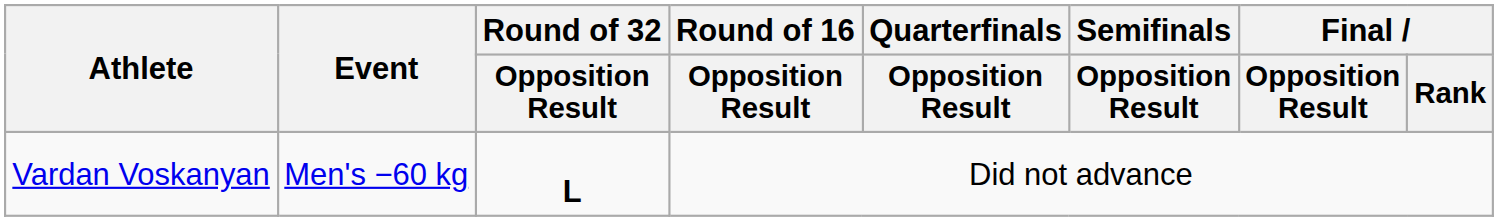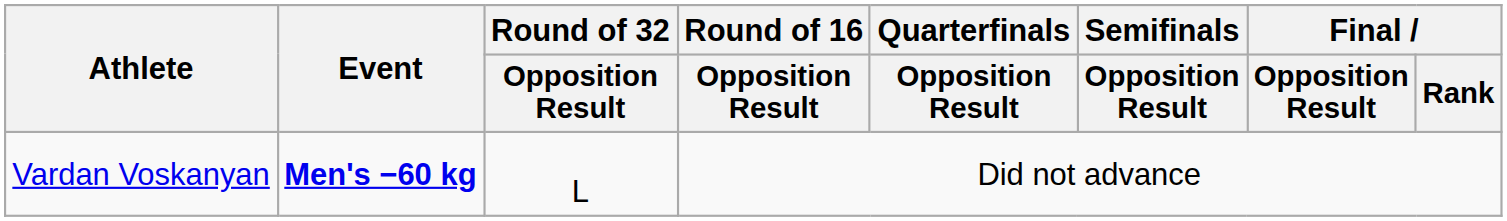 <table class="wikitable" style="font-size:90%">
 <tr>
 <th rowspan="2">Athlete</th>
 <th rowspan="2">Event</th>
 <th>Round of 32</th>
 <th>Round of 16</th>
 <th>Quarterfinals</th>
 <th>Semifinals</th>
 <th colspan=2>Final / </th>
 </tr>
 <tr style="font-size:95%">
 <th>Opposition<br>Result</th>
 <th>Opposition<br>Result</th>
 <th>Opposition<br>Result</th>
 <th>Opposition<br>Result</th>
 <th>Opposition<br>Result</th>
 <th>Rank</th>
 </tr>
 <tr align=center>
 <td align=left><a href='#'>Vardan Voskanyan</a></td>
-<td align=left><a href='#'>Men's −60 kg</a></td>
-<td><strong><br> L</strong></td>
+<td align=left><strong><a href='#'>Men's −60 kg</a></strong></td>
+<td><br> L</td>
 <td colspan=5>Did not advance</td>
 </tr>
 </table>
